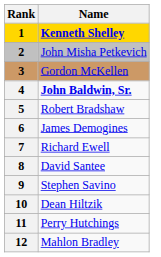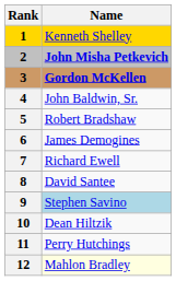 <table class="wikitable">
 <tr>
 <th>Rank</th>
 <th>Name</th>
 </tr>
 <tr bgcolor="gold">
 <td align="center"><strong>1</strong></td>
-<td><strong><a href='#'>Kenneth Shelley</a></strong></td>
+<td><a href='#'>Kenneth Shelley</a></td>
 </tr>
 <tr bgcolor="silver">
 <td align="center"><strong>2</strong></td>
-<td><a href='#'>John Misha Petkevich</a></td>
+<td><strong><a href='#'>John Misha Petkevich</a></strong></td>
 </tr>
 <tr bgcolor="cc9966">
 <td align="center"><strong>3</strong></td>
-<td><a href='#'>Gordon McKellen</a></td>
+<td><strong><a href='#'>Gordon McKellen</a></strong></td>
 </tr>
 <tr>
 <th>4</th>
-<td><strong><a href='#'>John Baldwin, Sr.</a></strong></td>
+<td><a href='#'>John Baldwin, Sr.</a></td>
 </tr>
 <tr>
 <th>5</th>
 <td><a href='#'>Robert Bradshaw</a></td>
 </tr>
 <tr>
 <th>6</th>
 <td><a href='#'>James Demogines</a></td>
 </tr>
 <tr>
 <th>7</th>
 <td><a href='#'>Richard Ewell</a></td>
 </tr>
 <tr>
 <th>8</th>
 <td><a href='#'>David Santee</a></td>
 </tr>
 <tr>
 <th>9</th>
-<td><a href='#'>Stephen Savino</a></td>
+<td style="background: lightblue;"><a href='#'>Stephen Savino</a></td>
 </tr>
 <tr>
 <th>10</th>
 <td><a href='#'>Dean Hiltzik</a></td>
 </tr>
 <tr>
 <th>11</th>
 <td><a href='#'>Perry Hutchings</a></td>
 </tr>
 <tr>
 <th>12</th>
-<td><a href='#'>Mahlon Bradley</a></td>
+<td style="background: lightyellow;"><a href='#'>Mahlon Bradley</a></td>
 </tr>
 </table>
